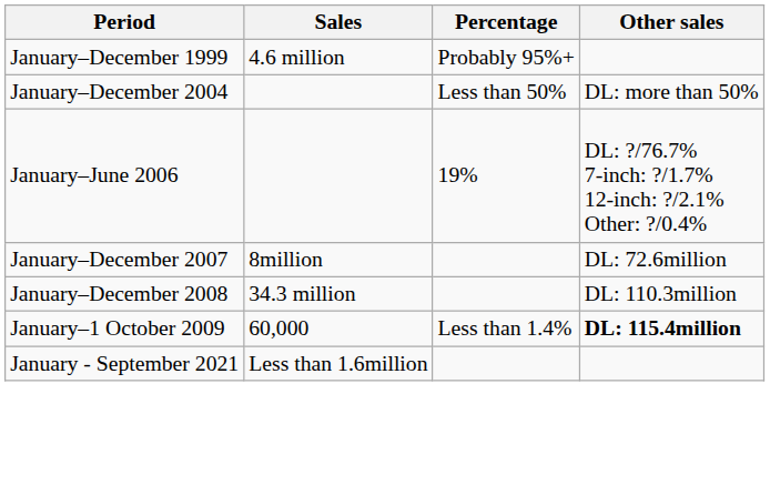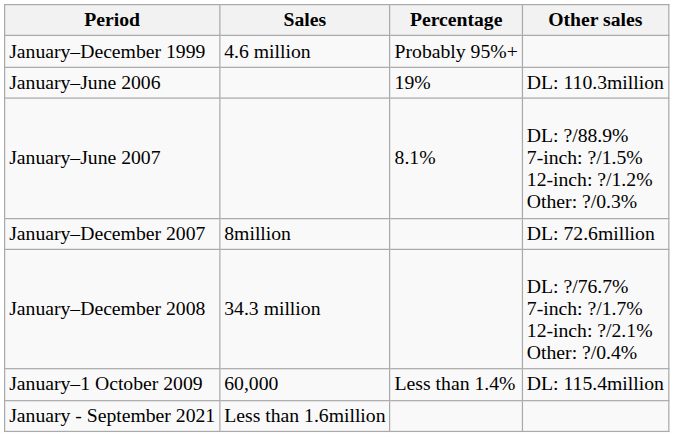 <table class="wikitable plainrowheaders sortable">
 <tr>
 <th scope="col" class="unsortable">Period</th>
 <th scope="col">Sales</th>
 <th scope="col">Percentage</th>
 <th scope="col" class="unsortable">Other sales</th>
 </tr>
 <tr>
 <td>January–December 1999</td>
 <td>4.6 million</td>
 <td>Probably 95%+</td>
 <td></td>
 </tr>
 <tr>
-<td>January–December 2004</td>
-<td></td>
-<td>Less than 50%</td>
-<td>DL: more than 50%</td>
-</tr>
-<tr>
 <td>January–June 2006</td>
 <td></td>
 <td>19%</td>
-<td><br>DL: ?/76.7%<br> 7-inch: ?/1.7%<br> 12-inch: ?/2.1%<br> Other: ?/0.4%</td>
+<td>DL: 110.3million</td>
+</tr>
+<tr>
+<td>January–June 2007</td>
+<td></td>
+<td>8.1%</td>
+<td><br>DL: ?/88.9%<br> 7-inch: ?/1.5%<br> 12-inch: ?/1.2%<br> Other: ?/0.3%</td>
 </tr>
 <tr>
 <td>January–December 2007</td>
 <td>8million</td>
 <td></td>
 <td>DL: 72.6million</td>
 </tr>
 <tr>
 <td>January–December 2008</td>
 <td>34.3 million</td>
 <td></td>
-<td>DL: 110.3million</td>
+<td><br>DL: ?/76.7%<br> 7-inch: ?/1.7%<br> 12-inch: ?/2.1%<br> Other: ?/0.4%</td>
 </tr>
 <tr>
 <td>January–1 October 2009</td>
 <td>60,000</td>
 <td>Less than 1.4%</td>
-<td><strong>DL: 115.4million</strong></td>
+<td>DL: 115.4million</td>
 </tr>
 <tr>
 <td>January - September 2021</td>
 <td>Less than 1.6million</td>
 <td></td>
 <td></td>
 </tr>
 </table>
